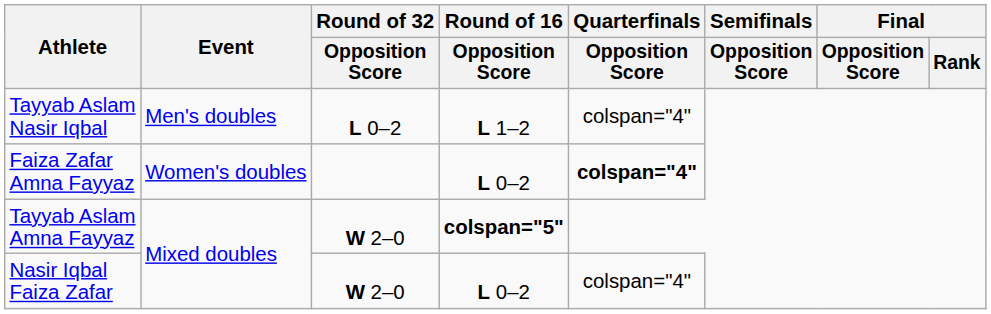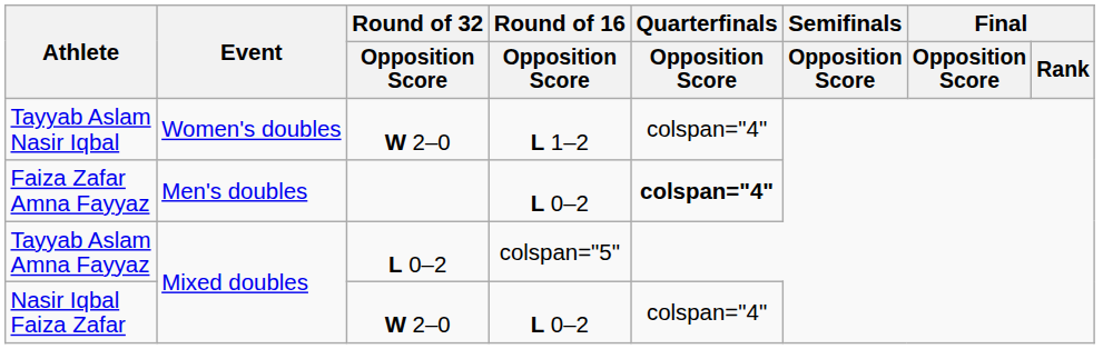 <table class=wikitable style=font-size:90%;text-align:center>
 <tr>
 <th rowspan=2>Athlete</th>
 <th rowspan=2>Event</th>
 <th>Round of 32</th>
 <th>Round of 16</th>
 <th>Quarterfinals</th>
 <th>Semifinals</th>
 <th colspan=2>Final</th>
 </tr>
 <tr style=font-size:95%>
 <th>Opposition<br>Score</th>
 <th>Opposition<br>Score</th>
 <th>Opposition<br>Score</th>
 <th>Opposition<br>Score</th>
 <th>Opposition<br>Score</th>
 <th>Rank</th>
 </tr>
 <tr>
 <td align=left><a href='#'>Tayyab Aslam</a> <br> <a href='#'>Nasir Iqbal</a></td>
-<td align=left><a href='#'>Men's doubles</a></td>
-<td><br><strong>L</strong> 0–2</td>
+<td align=left><a href='#'>Women's doubles</a></td>
+<td> <br> <strong>W</strong> 2–0</td>
 <td> <br> <strong>L</strong> 1–2</td>
 <td>colspan="4" </td>
 </tr>
 <tr>
 <td align=left><a href='#'>Faiza Zafar</a> <br> <a href='#'>Amna Fayyaz</a></td>
-<td align=left><a href='#'>Women's doubles</a></td>
+<td align=left><a href='#'>Men's doubles</a></td>
 <td></td>
 <td> <br> <strong>L</strong> 0–2</td>
 <td><strong>colspan="4" </strong></td>
 </tr>
 <tr>
 <td align=left><a href='#'>Tayyab Aslam</a> <br> <a href='#'>Amna Fayyaz</a></td>
 <td align=left rowspan=2><a href='#'>Mixed doubles</a></td>
-<td><br><strong>W</strong> 2–0</td>
-<td><strong>colspan="5" </strong></td>
+<td><br><strong>L</strong> 0–2</td>
+<td>colspan="5" </td>
 </tr>
 <tr>
 <td align=left><a href='#'>Nasir Iqbal</a> <br> <a href='#'>Faiza Zafar</a></td>
 <td><br><strong>W</strong> 2–0</td>
 <td><br><strong>L</strong> 0–2</td>
 <td>colspan="4" </td>
 </tr>
 </table>
